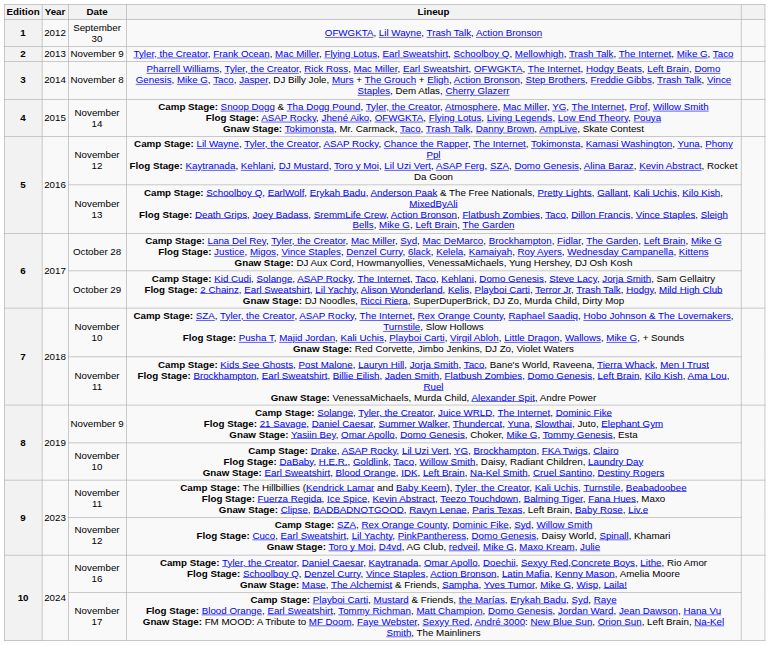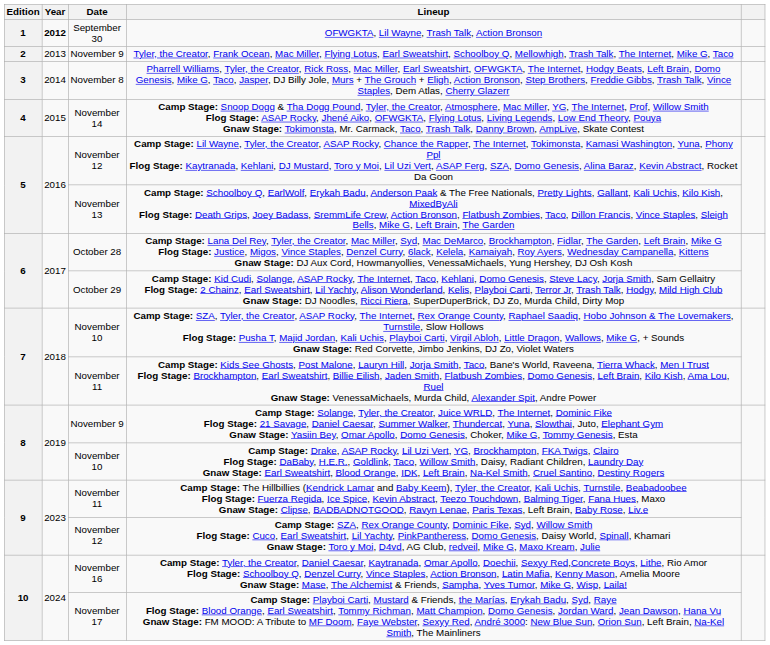 <table class="wikitable" style="text-align:center;"|->
 <tr>
 <th scope="col">Edition</th>
 <th scope="col">Year</th>
 <th scope="col" class="unsortable">Date</th>
 <th scope="col" class="unsortable">Lineup</th>
 <th scope="col" style="width:2em;"></th>
 </tr>
 <tr>
 <th scope="row">1</th>
-<td>2012</td>
+<td><strong>2012</strong></td>
 <td>September 30</td>
 <td><a href='#'>OFWGKTA</a>, <a href='#'>Lil Wayne</a>, <a href='#'>Trash Talk</a>, <a href='#'>Action Bronson</a></td>
 <td></td>
 </tr>
 <tr>
 <th scope="row">2</th>
 <td>2013</td>
 <td>November 9</td>
 <td><a href='#'>Tyler, the Creator</a>, <a href='#'>Frank Ocean</a>, <a href='#'>Mac Miller</a>, <a href='#'>Flying Lotus</a>, <a href='#'>Earl Sweatshirt</a>, <a href='#'>Schoolboy Q</a>, <a href='#'>Mellowhigh</a>, <a href='#'>Trash Talk</a>, <a href='#'>The Internet</a>, <a href='#'>Mike G</a>, <a href='#'>Taco</a></td>
 <td></td>
 </tr>
 <tr>
 <th scope="row">3</th>
 <td>2014</td>
 <td>November 8</td>
 <td><a href='#'>Pharrell Williams</a>, <a href='#'>Tyler, the Creator</a>, <a href='#'>Rick Ross</a>, <a href='#'>Mac Miller</a>, <a href='#'>Earl Sweatshirt</a>, <a href='#'>OFWGKTA</a>, <a href='#'>The Internet</a>, <a href='#'>Hodgy Beats</a>, <a href='#'>Left Brain</a>, <a href='#'>Domo Genesis</a>, <a href='#'>Mike G</a>, <a href='#'>Taco</a>, <a href='#'>Jasper</a>, DJ Billy Jole, <a href='#'>Murs</a> + <a href='#'>The Grouch</a> + <a href='#'>Eligh</a>, <a href='#'>Action Bronson</a>, <a href='#'>Step Brothers</a>, <a href='#'>Freddie Gibbs</a>, <a href='#'>Trash Talk</a>, <a href='#'>Vince Staples</a>, Dem Atlas, <a href='#'>Cherry Glazerr</a></td>
 <td></td>
 </tr>
 <tr>
 <th scope="row">4</th>
 <td>2015</td>
 <td>November 14</td>
 <td><strong>Camp Stage:</strong> <a href='#'>Snoop Dogg</a> & <a href='#'>Tha Dogg Pound</a>, <a href='#'>Tyler, the Creator</a>, <a href='#'>Atmosphere</a>, <a href='#'>Mac Miller</a>, <a href='#'>YG</a>, <a href='#'>The Internet</a>, <a href='#'>Prof</a>, <a href='#'>Willow Smith</a><br><strong>Flog Stage:</strong> <a href='#'>ASAP Rocky</a>, <a href='#'>Jhené Aiko</a>, <a href='#'>OFWGKTA</a>, <a href='#'>Flying Lotus</a>, <a href='#'>Living Legends</a>, <a href='#'>Low End Theory</a>, <a href='#'>Pouya</a><br><strong>Gnaw Stage:</strong> <a href='#'>Tokimonsta</a>, Mr. Carmack, <a href='#'>Taco</a>, <a href='#'>Trash Talk</a>, <a href='#'>Danny Brown</a>, <a href='#'>AmpLive</a>, Skate Contest</td>
 <td></td>
 </tr>
 <tr>
 <th scope="row" rowspan="2">5</th>
 <td rowspan="2">2016</td>
 <td>November 12</td>
 <td><strong>Camp Stage:</strong> <a href='#'>Lil Wayne</a>, <a href='#'>Tyler, the Creator</a>, <a href='#'>ASAP Rocky</a>, <a href='#'>Chance the Rapper</a>, <a href='#'>The Internet</a>, <a href='#'>Tokimonsta</a>, <a href='#'>Kamasi Washington</a>, <a href='#'>Yuna</a>, <a href='#'>Phony Ppl</a><br><strong>Flog Stage:</strong> <a href='#'>Kaytranada</a>, <a href='#'>Kehlani</a>, <a href='#'>DJ Mustard</a>, <a href='#'>Toro y Moi</a>, <a href='#'>Lil Uzi Vert</a>, <a href='#'>ASAP Ferg</a>, <a href='#'>SZA</a>, <a href='#'>Domo Genesis</a>, <a href='#'>Alina Baraz</a>, <a href='#'>Kevin Abstract</a>, Rocket Da Goon</td>
 <td rowspan="2"></td>
 </tr>
 <tr>
 <td>November 13</td>
 <td><strong>Camp Stage:</strong> <a href='#'>Schoolboy Q</a>, <a href='#'>EarlWolf</a>, <a href='#'>Erykah Badu</a>, <a href='#'>Anderson Paak</a> & The Free Nationals, <a href='#'>Pretty Lights</a>, <a href='#'>Gallant</a>, <a href='#'>Kali Uchis</a>, <a href='#'>Kilo Kish</a>, <a href='#'>MixedByAli</a><br><strong>Flog Stage:</strong> <a href='#'>Death Grips</a>, <a href='#'>Joey Badass</a>, <a href='#'>SremmLife Crew</a>, <a href='#'>Action Bronson</a>, <a href='#'>Flatbush Zombies</a>, <a href='#'>Taco</a>, <a href='#'>Dillon Francis</a>, <a href='#'>Vince Staples</a>, <a href='#'>Sleigh Bells</a>, <a href='#'>Mike G</a>, <a href='#'>Left Brain</a>, <a href='#'>The Garden</a></td>
 </tr>
 <tr>
 <th scope="row" rowspan="2">6</th>
 <td rowspan="2">2017</td>
 <td>October 28</td>
 <td><strong>Camp Stage:</strong> <a href='#'>Lana Del Rey</a>, <a href='#'>Tyler, the Creator</a>, <a href='#'>Mac Miller</a>, <a href='#'>Syd</a>, <a href='#'>Mac DeMarco</a>, <a href='#'>Brockhampton</a>, <a href='#'>Fidlar</a>, <a href='#'>The Garden</a>, <a href='#'>Left Brain</a>, <a href='#'>Mike G</a><br><strong>Flog Stage:</strong> <a href='#'>Justice</a>, <a href='#'>Migos</a>, <a href='#'>Vince Staples</a>, <a href='#'>Denzel Curry</a>, <a href='#'>6lack</a>, <a href='#'>Kelela</a>, <a href='#'>Kamaiyah</a>, <a href='#'>Roy Ayers</a>, <a href='#'>Wednesday Campanella</a>, <a href='#'>Kittens</a><br><strong>Gnaw Stage:</strong> DJ Aux Cord, Howmanyollies, VenessaMichaels, Yung Hershey, DJ Osh Kosh</td>
 <td rowspan="2"></td>
 </tr>
 <tr>
 <td>October 29</td>
 <td><strong>Camp Stage:</strong> <a href='#'>Kid Cudi</a>, <a href='#'>Solange</a>, <a href='#'>ASAP Rocky</a>, <a href='#'>The Internet</a>, <a href='#'>Taco</a>, <a href='#'>Kehlani</a>, <a href='#'>Domo Genesis</a>, <a href='#'>Steve Lacy</a>, <a href='#'>Jorja Smith</a>, Sam Gellaitry<br><strong>Flog Stage:</strong> <a href='#'>2 Chainz</a>, <a href='#'>Earl Sweatshirt</a>, <a href='#'>Lil Yachty</a>, <a href='#'>Alison Wonderland</a>, <a href='#'>Kelis</a>, <a href='#'>Playboi Carti</a>, <a href='#'>Terror Jr</a>, <a href='#'>Trash Talk</a>, <a href='#'>Hodgy</a>, <a href='#'>Mild High Club</a><br><strong>Gnaw Stage:</strong> DJ Noodles, <a href='#'>Ricci Riera</a>, SuperDuperBrick, DJ Zo, Murda Child, Dirty Mop</td>
 </tr>
 <tr>
 <th scope="row" rowspan="2">7</th>
 <td rowspan="2">2018</td>
 <td>November 10</td>
 <td><strong>Camp Stage:</strong> <a href='#'>SZA</a>, <a href='#'>Tyler, the Creator</a>, <a href='#'>ASAP Rocky</a>, <a href='#'>The Internet</a>, <a href='#'>Rex Orange County</a>, <a href='#'>Raphael Saadiq</a>, <a href='#'>Hobo Johnson & The Lovemakers</a>, <a href='#'>Turnstile</a>, Slow Hollows<br><strong>Flog Stage:</strong>  <a href='#'>Pusha T</a>, <a href='#'>Majid Jordan</a>, <a href='#'>Kali Uchis</a>, <a href='#'>Playboi Carti</a>, <a href='#'>Virgil Abloh</a>, <a href='#'>Little Dragon</a>, <a href='#'>Wallows</a>, <a href='#'>Mike G</a>, + Sounds <br><strong>Gnaw Stage:</strong> Red Corvette, Jimbo Jenkins, DJ Zo, Violet Waters</td>
 <td rowspan="2"></td>
 </tr>
 <tr>
 <td>November 11</td>
 <td><strong>Camp Stage:</strong> <a href='#'>Kids See Ghosts</a>, <a href='#'>Post Malone</a>, <a href='#'>Lauryn Hill</a>, <a href='#'>Jorja Smith</a>, <a href='#'>Taco</a>, Bane's World, Raveena, <a href='#'>Tierra Whack</a>, <a href='#'>Men I Trust</a><br><strong>Flog Stage:</strong> <a href='#'>Brockhampton</a>, <a href='#'>Earl Sweatshirt</a>, <a href='#'>Billie Eilish</a>, <a href='#'>Jaden Smith</a>, <a href='#'>Flatbush Zombies</a>, <a href='#'>Domo Genesis</a>, <a href='#'>Left Brain</a>, <a href='#'>Kilo Kish</a>, <a href='#'>Ama Lou</a>, <a href='#'>Ruel</a><br><strong>Gnaw Stage:</strong> VenessaMichaels, Murda Child, <a href='#'>Alexander Spit</a>, Andre Power</td>
 </tr>
 <tr>
 <th scope="row" rowspan="2">8</th>
 <td rowspan="2">2019</td>
 <td>November 9</td>
 <td><strong>Camp Stage:</strong> <a href='#'>Solange</a>, <a href='#'>Tyler, the Creator</a>, <a href='#'>Juice WRLD</a>, <a href='#'>The Internet</a>, <a href='#'>Dominic Fike</a><br><strong>Flog Stage:</strong> <a href='#'>21 Savage</a>, <a href='#'>Daniel Caesar</a>, <a href='#'>Summer Walker</a>, <a href='#'>Thundercat</a>, <a href='#'>Yuna</a>, <a href='#'>Slowthai</a>, Juto, <a href='#'>Elephant Gym</a><br><strong>Gnaw Stage:</strong> <a href='#'>Yasiin Bey</a>, <a href='#'>Omar Apollo</a>, <a href='#'>Domo Genesis</a>, Choker, <a href='#'>Mike G</a>, <a href='#'>Tommy Genesis</a>, Esta</td>
 <td rowspan="2"></td>
 </tr>
 <tr>
 <td>November 10</td>
 <td><strong>Camp Stage:</strong> <a href='#'>Drake</a>, <a href='#'>ASAP Rocky</a>, <a href='#'>Lil Uzi Vert</a>, <a href='#'>YG</a>, <a href='#'>Brockhampton</a>, <a href='#'>FKA Twigs</a>, <a href='#'>Clairo</a><br><strong>Flog Stage:</strong> <a href='#'>DaBaby</a>, <a href='#'>H.E.R.</a>, <a href='#'>Goldlink</a>, <a href='#'>Taco</a>, <a href='#'>Willow Smith</a>, Daisy, Radiant Children, <a href='#'>Laundry Day</a><br><strong>Gnaw Stage:</strong> <a href='#'>Earl Sweatshirt</a>, <a href='#'>Blood Orange</a>, <a href='#'>IDK</a>, <a href='#'>Left Brain</a>, <a href='#'>Na-Kel Smith</a>, <a href='#'>Cruel Santino</a>, <a href='#'>Destiny Rogers</a></td>
 </tr>
 <tr>
 <th scope="row" rowspan="2">9</th>
 <td rowspan="2">2023</td>
 <td>November 11</td>
 <td><strong>Camp Stage:</strong> The Hillbillies (<a href='#'>Kendrick Lamar</a> and <a href='#'>Baby Keem</a>), <a href='#'>Tyler, the Creator</a>, <a href='#'>Kali Uchis</a>, <a href='#'>Turnstile</a>, <a href='#'>Beabadoobee</a> <br> <strong>Flog Stage:</strong> <a href='#'>Fuerza Regida</a>, <a href='#'>Ice Spice</a>, <a href='#'>Kevin Abstract</a>, <a href='#'>Teezo Touchdown</a>, <a href='#'>Balming Tiger</a>, <a href='#'>Fana Hues</a>, Maxo <br><strong>Gnaw Stage:</strong> <a href='#'>Clipse</a>, <a href='#'>BADBADNOTGOOD</a>, <a href='#'>Ravyn Lenae</a>, <a href='#'>Paris Texas</a>, Left Brain, <a href='#'>Baby Rose</a>, <a href='#'>Liv.e</a></td>
 <td rowspan="2"></td>
 </tr>
 <tr>
 <td>November 12</td>
 <td><strong>Camp Stage:</strong> <a href='#'>SZA</a>, <a href='#'>Rex Orange County</a>, <a href='#'>Dominic Fike</a>, <a href='#'>Syd</a>, <a href='#'>Willow Smith</a> <br> <strong>Flog Stage:</strong> <a href='#'>Cuco</a>, <a href='#'>Earl Sweatshirt</a>, <a href='#'>Lil Yachty</a>, <a href='#'>PinkPantheress</a>, <a href='#'>Domo Genesis</a>, Daisy World, <a href='#'>Spinall</a>, Khamari<br> <strong>Gnaw Stage:</strong> <a href='#'>Toro y Moi</a>, <a href='#'>D4vd</a>, AG Club, <a href='#'>redveil</a>, <a href='#'>Mike G</a>, <a href='#'>Maxo Kream</a>, <a href='#'>Julie</a></td>
 </tr>
 <tr>
 <th scope="row" rowspan="2">10</th>
 <td rowspan="2">2024</td>
 <td>November 16</td>
 <td><strong>Camp Stage:</strong> <a href='#'>Tyler, the Creator</a>, <a href='#'>Daniel Caesar</a>, <a href='#'>Kaytranada</a>, <a href='#'>Omar Apollo</a>, <a href='#'>Doechii</a>, <a href='#'>Sexyy Red</a>,<a href='#'>Concrete Boys</a>, <a href='#'>Lithe</a>, Rio Amor <br> <strong>Flog Stage:</strong> <a href='#'>Schoolboy Q</a>, <a href='#'>Denzel Curry</a>, <a href='#'>Vince Staples</a>, <a href='#'>Action Bronson</a>, <a href='#'>Latin Mafia</a>, <a href='#'>Kenny Mason</a>, Amelia Moore<br><strong>Gnaw Stage:</strong> <a href='#'>Mase</a>, <a href='#'>The Alchemist</a> & Friends, <a href='#'>Sampha</a>, <a href='#'>Yves Tumor</a>, <a href='#'>Mike G</a>, <a href='#'>Wisp</a>, <a href='#'>Laila!</a></td>
 <td rowspan="2"></td>
 </tr>
 <tr>
 <td>November 17</td>
 <td><strong>Camp Stage:</strong> <a href='#'>Playboi Carti</a>, <a href='#'>Mustard</a> & Friends, <a href='#'>the Marías</a>, <a href='#'>Erykah Badu</a>, <a href='#'>Syd</a>, <a href='#'>Raye</a><br> <strong>Flog Stage:</strong> <a href='#'>Blood Orange</a>, <a href='#'>Earl Sweatshirt</a>, <a href='#'>Tommy Richman</a>, <a href='#'>Matt Champion</a>, <a href='#'>Domo Genesis</a>, <a href='#'>Jordan Ward</a>, <a href='#'>Jean Dawson</a>, <a href='#'>Hana Vu</a><br><strong>Gnaw Stage:</strong> FM MOOD: A Tribute to <a href='#'>MF Doom</a>, <a href='#'>Faye Webster</a>, <a href='#'>Sexyy Red</a>, <a href='#'>André 3000</a>: <a href='#'>New Blue Sun</a>, <a href='#'>Orion Sun</a>, Left Brain, <a href='#'>Na-Kel Smith</a>, The Mainliners</td>
 </tr>
 </table>
